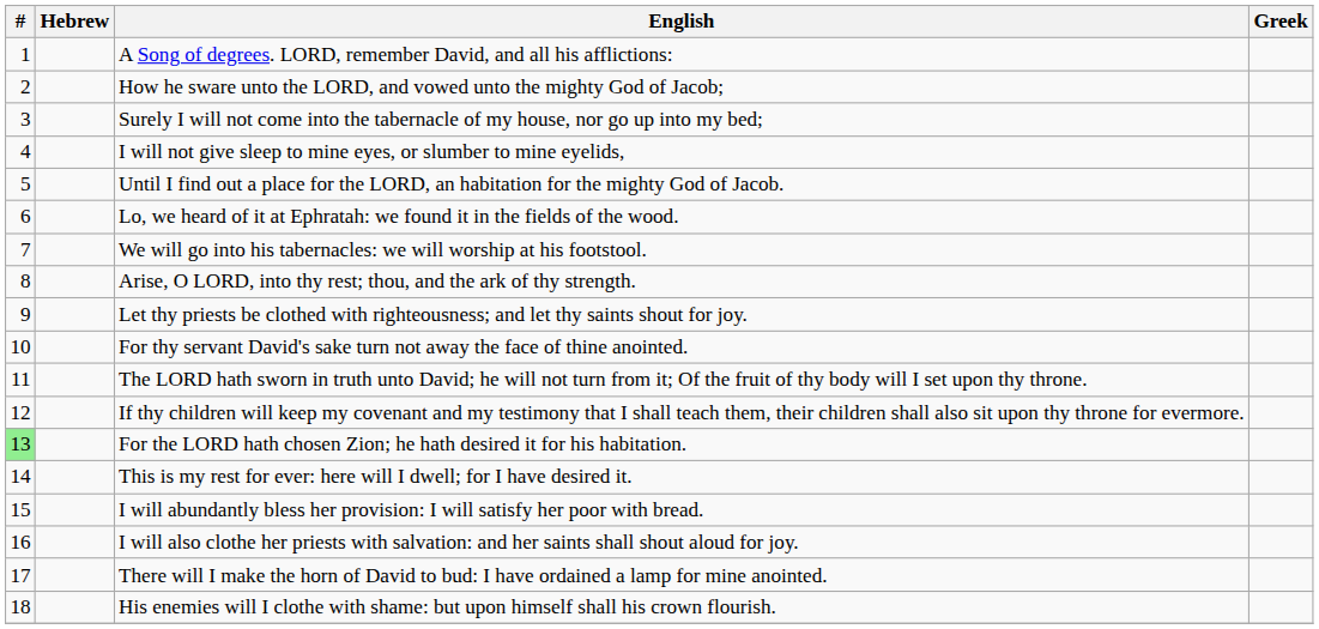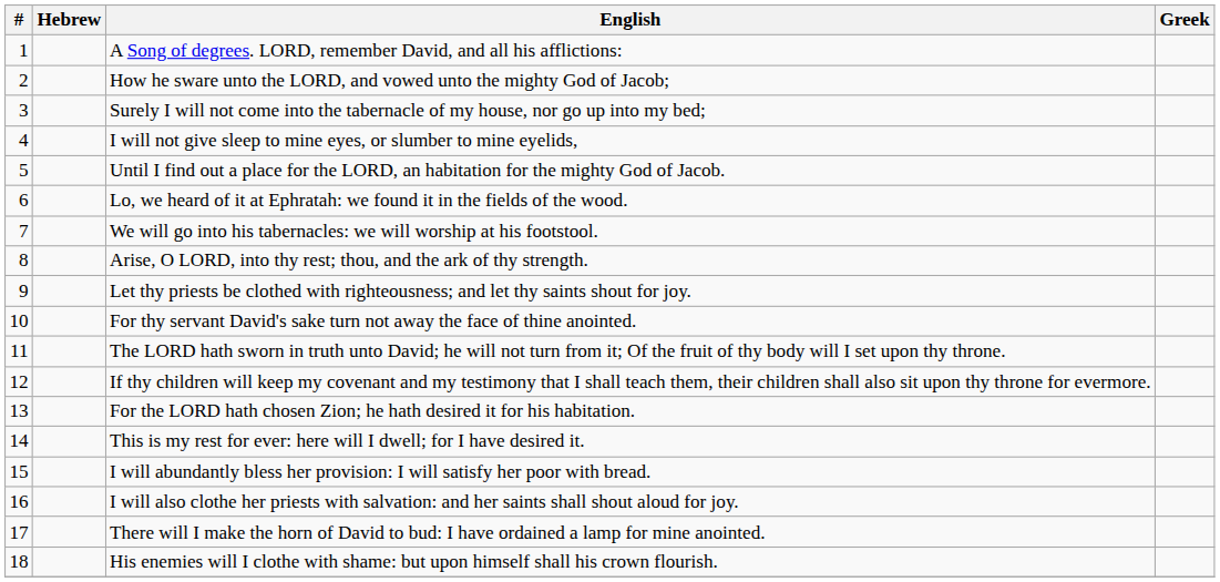 <table class=wikitable>
 <tr>
 <th>#</th>
 <th>Hebrew</th>
 <th>English</th>
 <th>Greek</th>
 </tr>
 <tr>
 <td style="text-align:right">1</td>
 <td style="text-align:right"></td>
 <td>A <a href='#'>Song of degrees</a>. LORD, remember David, and all his afflictions:</td>
 <td></td>
 </tr>
 <tr>
 <td style="text-align:right">2</td>
 <td style="text-align:right"></td>
 <td>How he sware unto the LORD, and vowed unto the mighty God of Jacob;</td>
 <td></td>
 </tr>
 <tr>
 <td style="text-align:right">3</td>
 <td style="text-align:right"></td>
 <td>Surely I will not come into the tabernacle of my house, nor go up into my bed;</td>
 <td></td>
 </tr>
 <tr>
 <td style="text-align:right">4</td>
 <td style="text-align:right"></td>
 <td>I will not give sleep to mine eyes, or slumber to mine eyelids,</td>
 <td></td>
 </tr>
 <tr>
 <td style="text-align:right">5</td>
 <td style="text-align:right"></td>
 <td>Until I find out a place for the LORD, an habitation for the mighty God of Jacob.</td>
 <td></td>
 </tr>
 <tr>
 <td style="text-align:right">6</td>
 <td style="text-align:right"></td>
 <td>Lo, we heard of it at Ephratah: we found it in the fields of the wood.</td>
 <td></td>
 </tr>
 <tr>
 <td style="text-align:right">7</td>
 <td style="text-align:right"></td>
 <td>We will go into his tabernacles: we will worship at his footstool.</td>
 <td></td>
 </tr>
 <tr>
 <td style="text-align:right">8</td>
 <td style="text-align:right"></td>
 <td>Arise, O LORD, into thy rest; thou, and the ark of thy strength.</td>
 <td></td>
 </tr>
 <tr>
 <td style="text-align:right">9</td>
 <td style="text-align:right"></td>
 <td>Let thy priests be clothed with righteousness; and let thy saints shout for joy.</td>
 <td></td>
 </tr>
 <tr>
 <td style="text-align:right">10</td>
 <td style="text-align:right"></td>
 <td>For thy servant David's sake turn not away the face of thine anointed.</td>
 <td></td>
 </tr>
 <tr>
 <td style="text-align:right">11</td>
 <td style="text-align:right"></td>
 <td>The LORD hath sworn in truth unto David; he will not turn from it; Of the fruit of thy body will I set upon thy throne.</td>
 <td></td>
 </tr>
 <tr>
 <td style="text-align:right">12</td>
 <td style="text-align:right"></td>
 <td>If thy children will keep my covenant and my testimony that I shall teach them, their children shall also sit upon thy throne for evermore.</td>
 <td></td>
 </tr>
 <tr>
-<td style="background: lightgreen; text-align:right">13</td>
+<td style="text-align:right">13</td>
 <td style="text-align:right"></td>
 <td>For the LORD hath chosen Zion; he hath desired it for his habitation.</td>
 <td></td>
 </tr>
 <tr>
 <td style="text-align:right">14</td>
 <td style="text-align:right"></td>
 <td>This is my rest for ever: here will I dwell; for I have desired it.</td>
 <td></td>
 </tr>
 <tr>
 <td style="text-align:right">15</td>
 <td style="text-align:right"></td>
 <td>I will abundantly bless her provision: I will satisfy her poor with bread.</td>
 <td></td>
 </tr>
 <tr>
 <td style="text-align:right">16</td>
 <td style="text-align:right"></td>
 <td>I will also clothe her priests with salvation: and her saints shall shout aloud for joy.</td>
 <td></td>
 </tr>
 <tr>
 <td style="text-align:right">17</td>
 <td style="text-align:right"></td>
 <td>There will I make the horn of David to bud: I have ordained a lamp for mine anointed.</td>
 <td></td>
 </tr>
 <tr>
 <td style="text-align:right">18</td>
 <td style="text-align:right"></td>
 <td>His enemies will I clothe with shame: but upon himself shall his crown flourish.</td>
 <td></td>
 </tr>
 <tr>
 </tr>
 </table>
